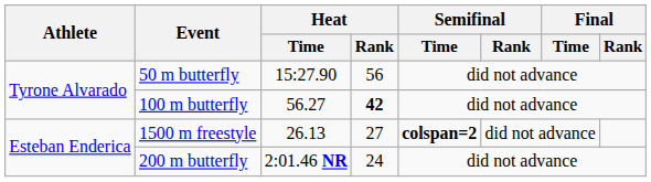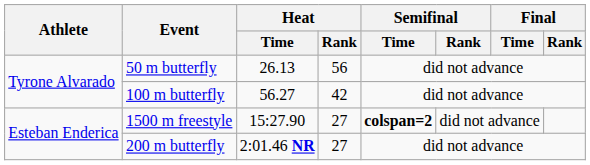 <table class=wikitable style="font-size:90%">
 <tr>
 <th rowspan="2">Athlete</th>
 <th rowspan="2">Event</th>
 <th colspan="2">Heat</th>
 <th colspan="2">Semifinal</th>
 <th colspan="2">Final</th>
 </tr>
 <tr style="font-size:95%">
 <th>Time</th>
 <th>Rank</th>
 <th>Time</th>
 <th>Rank</th>
 <th>Time</th>
 <th>Rank</th>
 </tr>
 <tr align=center>
 <td align=left rowspan=2><a href='#'>Tyrone Alvarado</a></td>
 <td align=left><a href='#'>50 m butterfly</a></td>
-<td>15:27.90</td>
+<td>26.13</td>
 <td>56</td>
 <td colspan=4>did not advance</td>
 </tr>
 <tr align=center>
 <td align=left><a href='#'>100 m butterfly</a></td>
 <td>56.27</td>
-<td><strong>42</strong></td>
+<td>42</td>
 <td colspan=4>did not advance</td>
 </tr>
 <tr align=center>
 <td align=left rowspan=2><a href='#'>Esteban Enderica</a></td>
 <td align=left><a href='#'>1500 m freestyle</a></td>
-<td>26.13</td>
+<td>15:27.90</td>
 <td>27</td>
 <td><strong>colspan=2 </strong></td>
 <td colspan=2>did not advance</td>
 </tr>
 <tr align=center>
 <td align=left><a href='#'>200 m butterfly</a></td>
 <td>2:01.46 <strong><a href='#'>NR</a></strong></td>
-<td>24</td>
+<td>27</td>
 <td colspan=4>did not advance</td>
 </tr>
 </table>
